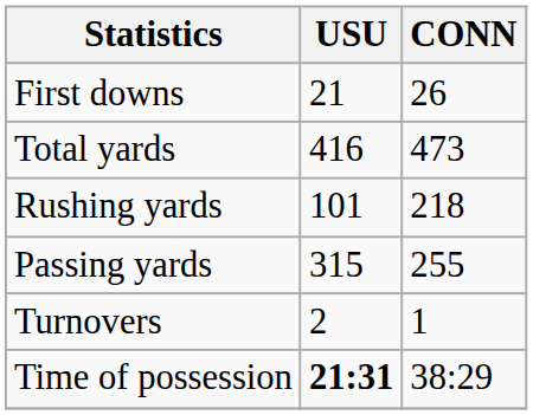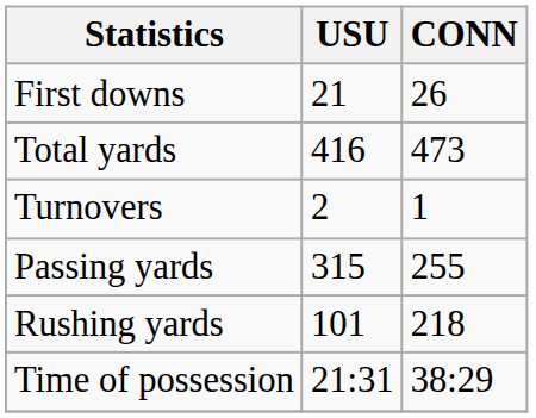 <table class="wikitable" style="float: left;">
 <tr>
 <th>Statistics</th>
 <th>USU</th>
 <th>CONN</th>
 </tr>
 <tr>
 <td>First downs</td>
 <td>21</td>
 <td>26</td>
 </tr>
 <tr>
 <td>Total yards</td>
 <td>416</td>
 <td>473</td>
 </tr>
 <tr>
-<td>Rushing yards</td>
-<td>101</td>
-<td>218</td>
+<td>Turnovers</td>
+<td>2</td>
+<td>1</td>
 </tr>
 <tr>
 <td>Passing yards</td>
 <td>315</td>
 <td>255</td>
 </tr>
 <tr>
-<td>Turnovers</td>
-<td>2</td>
-<td>1</td>
+<td>Rushing yards</td>
+<td>101</td>
+<td>218</td>
 </tr>
 <tr>
 <td>Time of possession</td>
-<td><strong>21:31</strong></td>
+<td>21:31</td>
 <td>38:29</td>
 </tr>
 <tr>
 </tr>
 </table>
